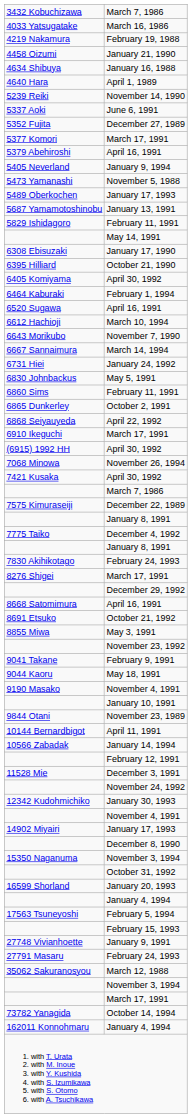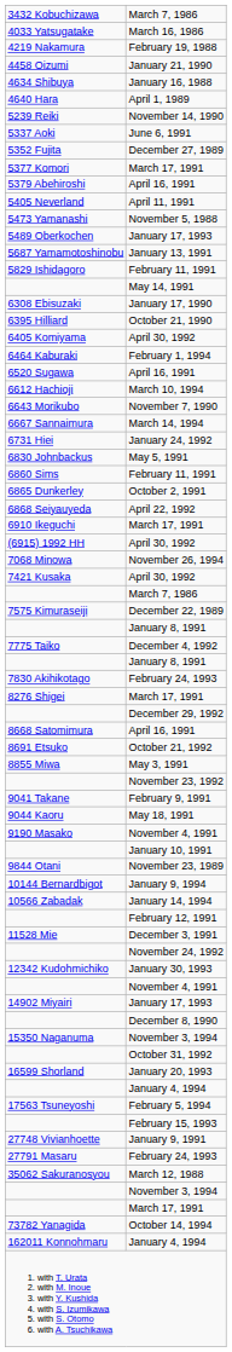 <table class="wikitable floatright" style="font-size: 0.9em;">
 <tr>
 <td><a href='#'>3432 Kobuchizawa</a></td>
 <td>March 7, 1986</td>
 </tr>
 <tr>
 <td><a href='#'>4033 Yatsugatake</a></td>
 <td>March 16, 1986</td>
 </tr>
 <tr>
 <td><a href='#'>4219 Nakamura</a></td>
 <td>February 19, 1988</td>
 </tr>
 <tr>
 <td><a href='#'>4458 Oizumi</a></td>
 <td>January 21, 1990</td>
 </tr>
 <tr>
 <td><a href='#'>4634 Shibuya</a></td>
 <td>January 16, 1988</td>
 </tr>
 <tr>
 <td><a href='#'>4640 Hara</a></td>
 <td>April 1, 1989</td>
 </tr>
 <tr>
 <td><a href='#'>5239 Reiki</a></td>
 <td>November 14, 1990</td>
 </tr>
 <tr>
 <td><a href='#'>5337 Aoki</a></td>
 <td>June 6, 1991</td>
 </tr>
 <tr>
 <td><a href='#'>5352 Fujita</a></td>
 <td>December 27, 1989</td>
 </tr>
 <tr>
 <td><a href='#'>5377 Komori</a></td>
 <td>March 17, 1991</td>
 </tr>
 <tr>
 <td><a href='#'>5379 Abehiroshi</a></td>
 <td>April 16, 1991</td>
 </tr>
 <tr>
 <td><a href='#'>5405 Neverland</a></td>
-<td>January 9, 1994</td>
+<td>April 11, 1991</td>
 </tr>
 <tr>
 <td><a href='#'>5473 Yamanashi</a></td>
 <td>November 5, 1988</td>
 </tr>
 <tr>
 <td><a href='#'>5489 Oberkochen</a></td>
 <td>January 17, 1993</td>
 </tr>
 <tr>
 <td><a href='#'>5687 Yamamotoshinobu</a></td>
 <td>January 13, 1991</td>
 </tr>
 <tr>
 <td><a href='#'>5829 Ishidagoro</a></td>
 <td>February 11, 1991</td>
 </tr>
 <tr>
 <td></td>
 <td>May 14, 1991</td>
 </tr>
 <tr>
 <td><a href='#'>6308 Ebisuzaki</a></td>
 <td>January 17, 1990</td>
 </tr>
 <tr>
 <td><a href='#'>6395 Hilliard</a></td>
 <td>October 21, 1990</td>
 </tr>
 <tr>
 <td><a href='#'>6405 Komiyama</a></td>
 <td>April 30, 1992</td>
 </tr>
 <tr>
 <td><a href='#'>6464 Kaburaki</a></td>
 <td>February 1, 1994</td>
 </tr>
 <tr>
 <td><a href='#'>6520 Sugawa</a></td>
 <td>April 16, 1991</td>
 </tr>
 <tr>
 <td><a href='#'>6612 Hachioji</a></td>
 <td>March 10, 1994</td>
 </tr>
 <tr>
 <td><a href='#'>6643 Morikubo</a></td>
 <td>November 7, 1990</td>
 </tr>
 <tr>
 <td><a href='#'>6667 Sannaimura</a></td>
 <td>March 14, 1994</td>
 </tr>
 <tr>
 <td><a href='#'>6731 Hiei</a></td>
 <td>January 24, 1992</td>
 </tr>
 <tr>
 <td><a href='#'>6830 Johnbackus</a></td>
 <td>May 5, 1991</td>
 </tr>
 <tr>
 <td><a href='#'>6860 Sims</a></td>
 <td>February 11, 1991</td>
 </tr>
 <tr>
 <td><a href='#'>6865 Dunkerley</a></td>
 <td>October 2, 1991</td>
 </tr>
 <tr>
 <td><a href='#'>6868 Seiyauyeda</a></td>
 <td>April 22, 1992</td>
 </tr>
 <tr>
 <td><a href='#'>6910 Ikeguchi</a></td>
 <td>March 17, 1991</td>
 </tr>
 <tr>
 <td><a href='#'>(6915) 1992 HH</a></td>
 <td>April 30, 1992</td>
 </tr>
 <tr>
 <td><a href='#'>7068 Minowa</a></td>
 <td>November 26, 1994</td>
 </tr>
 <tr>
 <td><a href='#'>7421 Kusaka</a></td>
 <td>April 30, 1992</td>
 </tr>
 <tr>
 <td></td>
 <td>March 7, 1986</td>
 </tr>
 <tr>
 <td><a href='#'>7575 Kimuraseiji</a></td>
 <td>December 22, 1989</td>
 </tr>
 <tr>
 <td></td>
 <td>January 8, 1991</td>
 </tr>
 <tr>
 <td><a href='#'>7775 Taiko</a></td>
 <td>December 4, 1992</td>
 </tr>
 <tr>
 <td></td>
 <td>January 8, 1991</td>
 </tr>
 <tr>
 <td><a href='#'>7830 Akihikotago</a></td>
 <td>February 24, 1993</td>
 </tr>
 <tr>
 <td><a href='#'>8276 Shigei</a></td>
 <td>March 17, 1991</td>
 </tr>
 <tr>
 <td></td>
 <td>December 29, 1992</td>
 </tr>
 <tr>
 <td><a href='#'>8668 Satomimura</a></td>
 <td>April 16, 1991</td>
 </tr>
 <tr>
 <td><a href='#'>8691 Etsuko</a></td>
 <td>October 21, 1992</td>
 </tr>
 <tr>
 <td><a href='#'>8855 Miwa</a></td>
 <td>May 3, 1991</td>
 </tr>
 <tr>
 <td></td>
 <td>November 23, 1992</td>
 </tr>
 <tr>
 <td><a href='#'>9041 Takane</a></td>
 <td>February 9, 1991</td>
 </tr>
 <tr>
 <td><a href='#'>9044 Kaoru</a></td>
 <td>May 18, 1991</td>
 </tr>
 <tr>
 <td><a href='#'>9190 Masako</a></td>
 <td>November 4, 1991</td>
 </tr>
 <tr>
 <td></td>
 <td>January 10, 1991</td>
 </tr>
 <tr>
 <td><a href='#'>9844 Otani</a></td>
 <td>November 23, 1989</td>
 </tr>
 <tr>
 <td><a href='#'>10144 Bernardbigot</a></td>
-<td>April 11, 1991</td>
+<td>January 9, 1994</td>
 </tr>
 <tr>
 <td><a href='#'>10566 Zabadak</a></td>
 <td>January 14, 1994</td>
 </tr>
 <tr>
 <td></td>
 <td>February 12, 1991</td>
 </tr>
 <tr>
 <td><a href='#'>11528 Mie</a></td>
 <td>December 3, 1991</td>
 </tr>
 <tr>
 <td></td>
 <td>November 24, 1992</td>
 </tr>
 <tr>
 <td><a href='#'>12342 Kudohmichiko</a></td>
 <td>January 30, 1993</td>
 </tr>
 <tr>
 <td></td>
 <td>November 4, 1991</td>
 </tr>
 <tr>
 <td><a href='#'>14902 Miyairi</a></td>
 <td>January 17, 1993</td>
 </tr>
 <tr>
 <td></td>
 <td>December 8, 1990</td>
 </tr>
 <tr>
 <td><a href='#'>15350 Naganuma</a></td>
 <td>November 3, 1994</td>
 </tr>
 <tr>
 <td></td>
 <td>October 31, 1992</td>
 </tr>
 <tr>
 <td><a href='#'>16599 Shorland</a></td>
 <td>January 20, 1993</td>
 </tr>
 <tr>
 <td></td>
 <td>January 4, 1994</td>
 </tr>
 <tr>
 <td><a href='#'>17563 Tsuneyoshi</a></td>
 <td>February 5, 1994</td>
 </tr>
 <tr>
 <td></td>
 <td>February 15, 1993</td>
 </tr>
 <tr>
 <td><a href='#'>27748 Vivianhoette</a></td>
 <td>January 9, 1991</td>
 </tr>
 <tr>
 <td><a href='#'>27791 Masaru</a></td>
 <td>February 24, 1993</td>
 </tr>
 <tr>
 <td><a href='#'>35062 Sakuranosyou</a></td>
 <td>March 12, 1988</td>
 </tr>
 <tr>
 <td></td>
 <td>November 3, 1994</td>
 </tr>
 <tr>
 <td></td>
 <td>March 17, 1991</td>
 </tr>
 <tr>
 <td><a href='#'>73782 Yanagida</a></td>
 <td>October 14, 1994</td>
 </tr>
 <tr>
 <td><a href='#'>162011 Konnohmaru</a></td>
 <td>January 4, 1994</td>
 </tr>
 <tr>
 <td colspan=2 style="font-size: smaller;"><br><ol><li> with <a href='#'>T. Urata</a></li><li> with <a href='#'>M. Inoue</a></li><li> with <a href='#'>Y. Kushida</a></li><li> with <a href='#'>S. Izumikawa</a></li><li> with <a href='#'>S. Otomo</a></li><li> with <a href='#'>A. Tsuchikawa</a></li></ol></td>
 </tr>
 </table>
